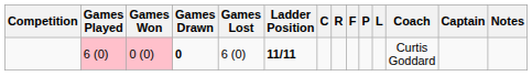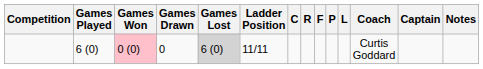 <table class="wikitable" width="100%" style="font-size:90%">
 <tr>
 <th>Competition</th>
 <th>Games<br>Played</th>
 <th>Games<br>Won</th>
 <th>Games<br>Drawn</th>
 <th>Games<br>Lost</th>
 <th>Ladder<br>Position</th>
 <th width="2%">C</th>
 <th width="2%">R</th>
 <th width="2%">F</th>
 <th width="2%">P</th>
 <th width="2%">L</th>
 <th>Coach</th>
 <th>Captain</th>
 <th>Notes</th>
 </tr>
 <tr>
 <td></td>
-<td style="background: pink;">6 (0)</td>
+<td>6 (0)</td>
 <td style="background: pink;">0 (0)</td>
-<td><strong>0</strong></td>
-<td>6 (0)</td>
-<td><strong>11/11</strong></td>
+<td>0</td>
+<td style="background: lightgrey;">6 (0)</td>
+<td>11/11</td>
 <td></td>
 <td></td>
 <td></td>
 <td></td>
 <td></td>
 <td rowspan="2" style="text-align:center;">Curtis Goddard</td>
 <td rowspan="1"></td>
 <td></td>
 </tr>
 </table>
